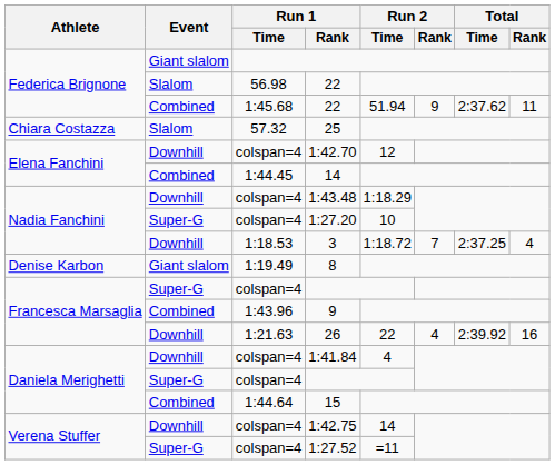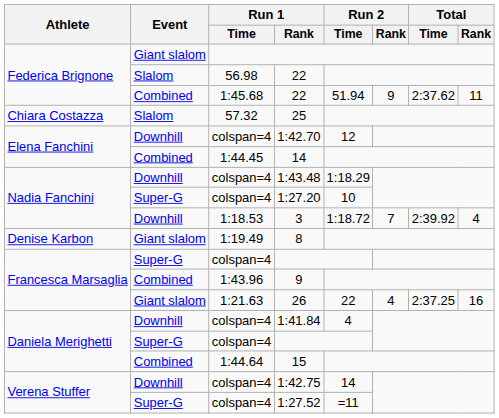 <table class="wikitable" style="font-size:90%">
 <tr>
 <th rowspan=2>Athlete</th>
 <th rowspan=2>Event</th>
 <th colspan=2>Run 1</th>
 <th colspan=2>Run 2</th>
 <th colspan=2>Total</th>
 </tr>
 <tr style="font-size:95%">
 <th>Time</th>
 <th>Rank</th>
 <th>Time</th>
 <th>Rank</th>
 <th>Time</th>
 <th>Rank</th>
 </tr>
 <tr align=center>
 <td align=left rowspan=3><a href='#'>Federica Brignone</a></td>
 <td align=left><a href='#'>Giant slalom</a></td>
 <td colspan=6></td>
 </tr>
 <tr align=center>
 <td align=left><a href='#'>Slalom</a></td>
 <td>56.98</td>
 <td>22</td>
 <td colspan=4></td>
 </tr>
 <tr align=center>
 <td align=left><a href='#'>Combined</a></td>
 <td>1:45.68</td>
 <td>22</td>
 <td>51.94</td>
 <td>9</td>
 <td>2:37.62</td>
 <td>11</td>
 </tr>
 <tr align=center>
 <td align=left><a href='#'>Chiara Costazza</a></td>
 <td align=left><a href='#'>Slalom</a></td>
 <td>57.32</td>
 <td>25</td>
 <td colspan=4></td>
 </tr>
 <tr align=center>
 <td align=left rowspan=2><a href='#'>Elena Fanchini</a></td>
 <td align=left><a href='#'>Downhill</a></td>
 <td>colspan=4 </td>
 <td>1:42.70</td>
 <td>12</td>
 </tr>
 <tr align=center>
 <td align=left><a href='#'>Combined</a></td>
 <td>1:44.45</td>
 <td>14</td>
 <td colspan=4></td>
 </tr>
 <tr align=center>
 <td align=left rowspan=3><a href='#'>Nadia Fanchini</a></td>
 <td align=left><a href='#'>Downhill</a></td>
 <td>colspan=4 </td>
 <td>1:43.48</td>
 <td>1:18.29</td>
 </tr>
 <tr align=center>
 <td align=left><a href='#'>Super-G</a></td>
 <td>colspan=4 </td>
 <td>1:27.20</td>
 <td>10</td>
 </tr>
 <tr align=center>
 <td align=left><a href='#'>Downhill</a></td>
 <td>1:18.53</td>
 <td>3</td>
 <td>1:18.72</td>
 <td>7</td>
-<td>2:37.25</td>
+<td>2:39.92</td>
 <td>4</td>
 </tr>
 <tr align=center>
 <td align=left><a href='#'>Denise Karbon</a></td>
 <td align=left><a href='#'>Giant slalom</a></td>
 <td>1:19.49</td>
 <td>8</td>
 <td colspan=4></td>
 </tr>
 <tr align=center>
 <td align=left rowspan=3><a href='#'>Francesca Marsaglia</a></td>
 <td align=left><a href='#'>Super-G</a></td>
 <td>colspan=4 </td>
 <td colspan=2></td>
 </tr>
 <tr align=center>
 <td align=left><a href='#'>Combined</a></td>
 <td>1:43.96</td>
 <td>9</td>
 <td colspan=4></td>
 </tr>
 <tr align=center>
-<td align=left><a href='#'>Downhill</a></td>
+<td align=left><a href='#'>Giant slalom</a></td>
 <td>1:21.63</td>
 <td>26</td>
 <td>22</td>
 <td>4</td>
-<td>2:39.92</td>
+<td>2:37.25</td>
 <td>16</td>
 </tr>
 <tr align=center>
 <td align=left rowspan=3><a href='#'>Daniela Merighetti</a></td>
 <td align=left><a href='#'>Downhill</a></td>
 <td>colspan=4 </td>
 <td>1:41.84</td>
 <td>4</td>
 </tr>
 <tr align=center>
 <td align=left><a href='#'>Super-G</a></td>
 <td>colspan=4 </td>
 <td colspan=2></td>
 </tr>
 <tr align=center>
 <td align=left><a href='#'>Combined</a></td>
 <td>1:44.64</td>
 <td>15</td>
 <td colspan=4></td>
 </tr>
 <tr align=center>
 <td align=left rowspan=2><a href='#'>Verena Stuffer</a></td>
 <td align=left><a href='#'>Downhill</a></td>
 <td>colspan=4 </td>
 <td>1:42.75</td>
 <td>14</td>
 </tr>
 <tr align=center>
 <td align=left><a href='#'>Super-G</a></td>
 <td>colspan=4 </td>
 <td>1:27.52</td>
 <td>=11</td>
 </tr>
 </table>
